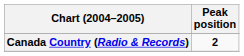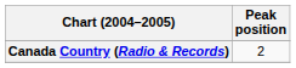 <table class="wikitable sortable plainrowheaders">
 <tr>
 <th scope="col">Chart (2004–2005)</th>
 <th scope="col">Peak<br>position</th>
 </tr>
 <tr>
 </tr>
 <tr>
 <th scope="row">Canada <a href='#'>Country</a> (<em><a href='#'>Radio & Records</a></em>)</th>
-<td align="center"><strong>2</strong></td>
+<td align="center">2</td>
 </tr>
 <tr>
 </tr>
 <tr>
 </tr>
 </table>
